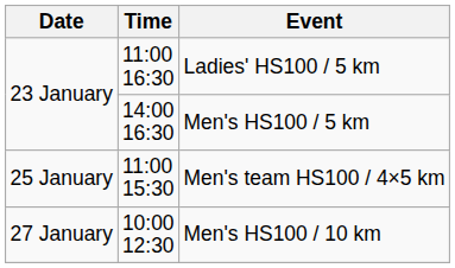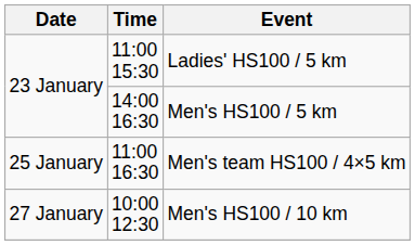 <table class="wikitable">
 <tr>
 <th>Date</th>
 <th>Time</th>
 <th>Event</th>
 </tr>
 <tr>
 <td rowspan=2>23 January</td>
-<td>11:00<br>16:30</td>
+<td>11:00<br>15:30</td>
 <td>Ladies' HS100 / 5 km</td>
 </tr>
 <tr>
 <td>14:00<br>16:30</td>
 <td>Men's HS100 / 5 km</td>
 </tr>
 <tr>
 <td>25 January</td>
-<td>11:00<br>15:30</td>
+<td>11:00<br>16:30</td>
 <td>Men's team HS100 / 4×5 km</td>
 </tr>
 <tr>
 <td>27 January</td>
 <td>10:00<br>12:30</td>
 <td>Men's HS100 / 10 km</td>
 </tr>
 <tr>
 </tr>
 </table>
